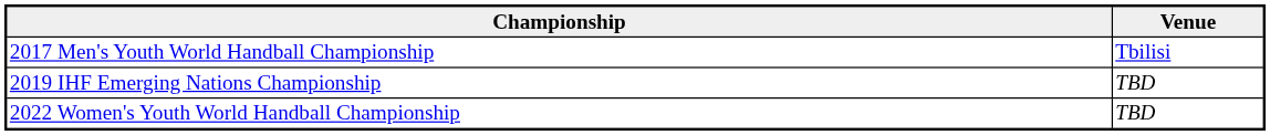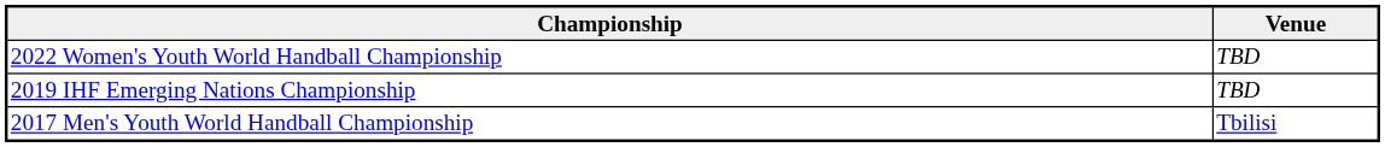 <table class="sortable" style="border-collapse: collapse; border: 2px #000000 solid; font-size: x-big; font-family: verdana" width="60%" cellspacing="0" cellpadding="2" border="1">
 <tr bgcolor="efefef" align="center">
 <th>Championship</th>
 <th>Venue</th>
 </tr>
 <tr>
-<td><a href='#'>2017 Men's Youth World Handball Championship</a></td>
-<td><a href='#'>Tbilisi</a></td>
+<td><a href='#'>2022 Women's Youth World Handball Championship</a></td>
+<td><em>TBD</em></td>
 </tr>
 <tr>
 <td><a href='#'>2019 IHF Emerging Nations Championship</a></td>
 <td><em>TBD</em></td>
 </tr>
 <tr>
-<td><a href='#'>2022 Women's Youth World Handball Championship</a></td>
-<td><em>TBD</em></td>
+<td><a href='#'>2017 Men's Youth World Handball Championship</a></td>
+<td><a href='#'>Tbilisi</a></td>
 </tr>
 </table>
